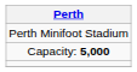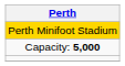 <table class="wikitable" style="margin:auto;text-align:center">
 <tr>
 <th><a href='#'>Perth</a></th>
 </tr>
 <tr>
-<td>Perth Minifoot Stadium</td>
+<td style="background: gold;">Perth Minifoot Stadium</td>
 </tr>
 <tr>
 <td>Capacity: <strong>5,000</strong></td>
 </tr>
 <tr>
 <td></td>
 </tr>
 <tr>
 </tr>
 </table>
